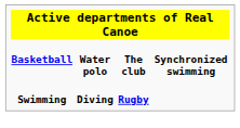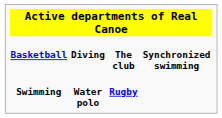 <table class="infobox" style="width: 250px;">
 <tr bgcolor="yellow" style="text-align: center">
 <th colspan="4"><span>Active departments of Real Canoe</span></th>
 </tr>
 <tr style="font-size: 85%; text-align: center">
 <td><br><strong><a href='#'>Basketball</a></strong></td>
-<td><br><strong>Water polo</strong></td>
+<td><br><strong>Diving</strong></td>
 <td><br><strong>The club</strong></td>
 <td><br><strong>Synchronized swimming</strong></td>
 </tr>
 <tr style="font-size: 85%; text-align: center">
 <td><br><strong>Swimming</strong></td>
-<td><br><strong>Diving</strong></td>
+<td><br><strong>Water polo</strong></td>
 <td><br><strong><a href='#'>Rugby</a></strong></td>
 </tr>
 </table>
